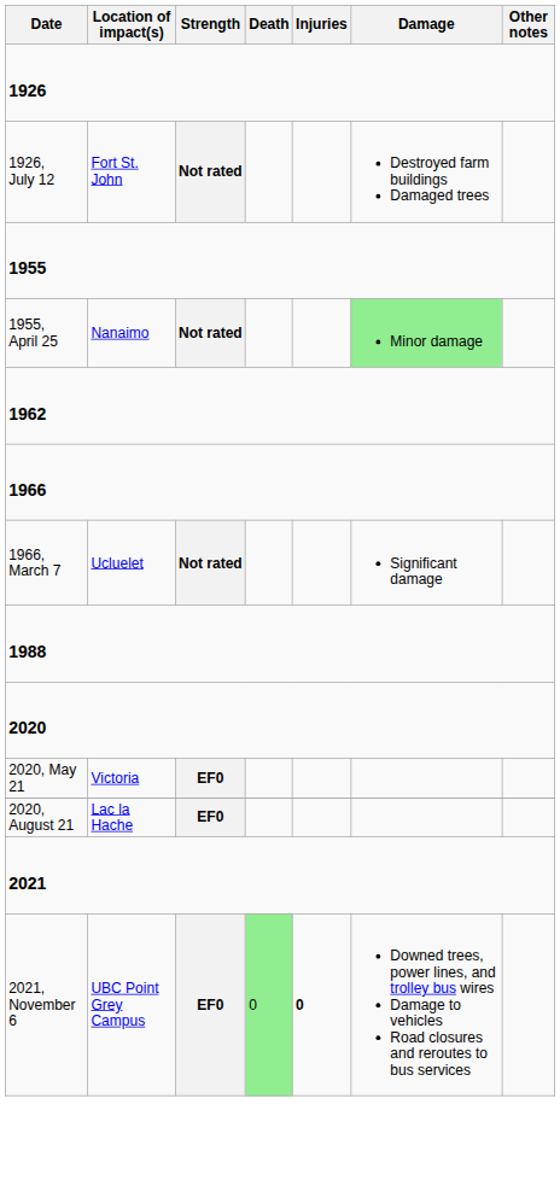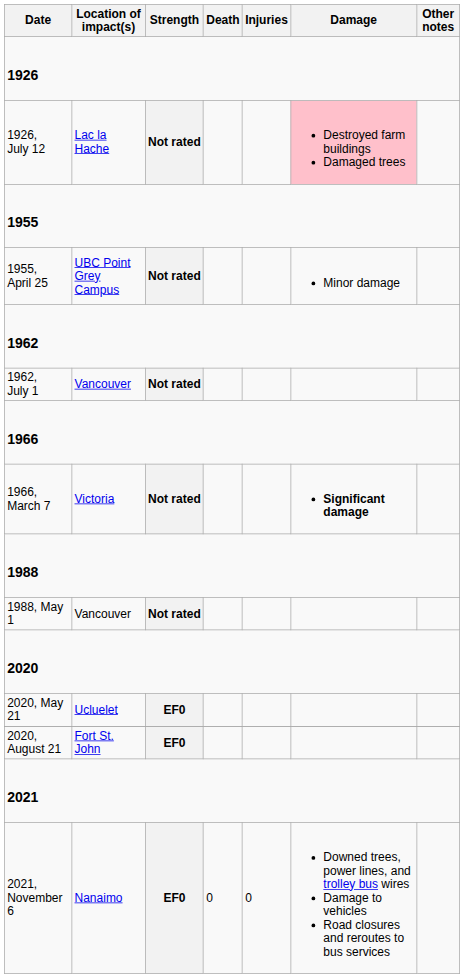 <table class="wikitable mw-collapsible">
 <tr>
 <th>Date</th>
 <th>Location of impact(s)</th>
 <th>Strength</th>
 <th>Death</th>
 <th>Injuries</th>
 <th>Damage</th>
 <th>Other notes</th>
 </tr>
 <tr>
 <td colspan="7"><br><h3>1926</h3></td>
 </tr>
 <tr>
 <td>1926, July 12</td>
-<td><a href='#'>Fort St. John</a></td>
+<td><a href='#'>Lac la Hache</a></td>
 <th>Not rated</th>
 <td></td>
 <td></td>
-<td><br><ul><li>Destroyed farm buildings</li><li>Damaged trees</li></ul></td>
+<td style="background: pink;"><br><ul><li>Destroyed farm buildings</li><li>Damaged trees</li></ul></td>
 <td></td>
 </tr>
 <tr>
 <td colspan="7"><br><h3>1955</h3></td>
 </tr>
 <tr>
 <td>1955, April 25</td>
-<td><a href='#'>Nanaimo</a></td>
+<td><a href='#'>UBC Point Grey Campus</a></td>
 <th>Not rated</th>
 <td></td>
 <td></td>
-<td style="background: lightgreen;"><br><ul><li>Minor damage</li></ul></td>
+<td><br><ul><li>Minor damage</li></ul></td>
 <td></td>
 </tr>
 <tr>
 <td colspan="7"><br><h3>1962</h3></td>
 </tr>
 <tr>
+<td>1962, July 1</td>
+<td><a href='#'>Vancouver</a></td>
+<th>Not rated</th>
+<td></td>
+<td></td>
+<td></td>
+<td></td>
+</tr>
+<tr>
 <td colspan="7"><br><h3>1966</h3></td>
 </tr>
 <tr>
 <td>1966, March 7</td>
-<td><a href='#'>Ucluelet</a></td>
+<td><a href='#'>Victoria</a></td>
 <th>Not rated</th>
 <td></td>
 <td></td>
-<td><br><ul><li>Significant damage</li></ul></td>
+<td><strong><br><ul><li>Significant damage</li></ul></strong></td>
 <td></td>
 </tr>
 <tr>
 <td colspan="7"><br><h3>1988</h3></td>
 </tr>
 <tr>
+<td>1988, May 1</td>
+<td>Vancouver</td>
+<th>Not rated</th>
+<td></td>
+<td></td>
+<td></td>
+<td></td>
+</tr>
+<tr>
 <td colspan="7"><br><h3>2020</h3></td>
 </tr>
 <tr>
 <td>2020, May 21</td>
-<td><a href='#'>Victoria</a></td>
+<td><a href='#'>Ucluelet</a></td>
 <th style="background-color:#">EF0</th>
 <td></td>
 <td></td>
 <td></td>
 <td></td>
 </tr>
 <tr>
 </tr>
 <tr>
 <td>2020, August 21</td>
-<td><a href='#'>Lac la Hache</a></td>
+<td><a href='#'>Fort St. John</a></td>
 <th style="background-color:#">EF0</th>
 <td></td>
 <td></td>
 <td></td>
 <td></td>
 </tr>
 <tr>
 <td colspan="7"><br><h3>2021</h3></td>
 </tr>
 <tr>
 <td>2021, November 6</td>
-<td><a href='#'>UBC Point Grey Campus</a></td>
+<td><a href='#'>Nanaimo</a></td>
 <th style="background-color:#">EF0</th>
-<td style="background: lightgreen;">0</td>
-<td><strong>0</strong></td>
+<td>0</td>
+<td>0</td>
 <td><br><ul><li>Downed trees, power lines, and <a href='#'>trolley bus</a> wires</li><li>Damage to vehicles</li><li>Road closures and reroutes to bus services</li></ul></td>
 <td></td>
 </tr>
 </table>
